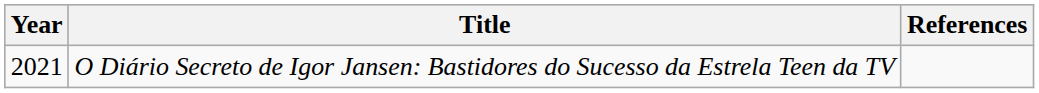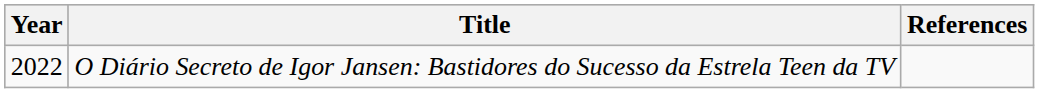 <table class="wikitable">
 <tr>
 <th>Year</th>
 <th>Title</th>
 <th>References</th>
 </tr>
 <tr>
-<td>2021</td>
+<td>2022</td>
 <td><em>O Diário Secreto de Igor Jansen: Bastidores do Sucesso da Estrela Teen da TV</em></td>
 <td></td>
 </tr>
 </table>
